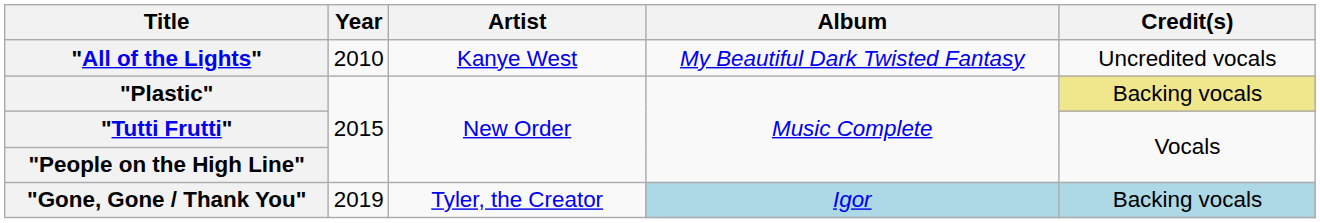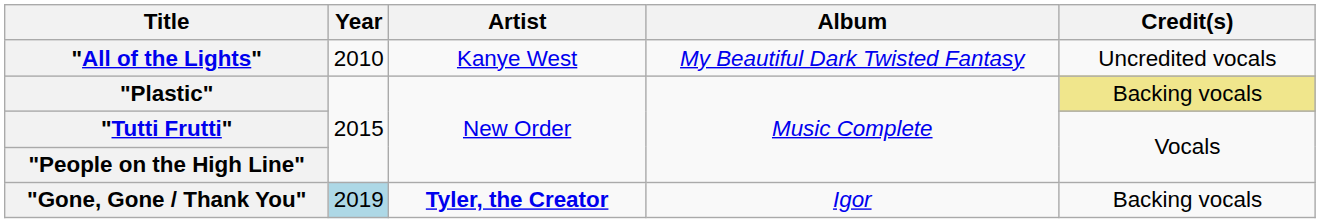 <table class="wikitable plainrowheaders" style="text-align:center;">
 <tr>
 <th scope="col" style="width:14em;">Title</th>
 <th scope="col" style="width:1em;">Year</th>
 <th scope="col" style="width:11em;">Artist</th>
 <th scope="col" style="width:18em;">Album</th>
 <th scope="col" style="width:11em;">Credit(s)</th>
 </tr>
 <tr>
 <th scope="row">"<a href='#'>All of the Lights</a>"</th>
 <td>2010</td>
 <td><a href='#'>Kanye West</a></td>
 <td><em><a href='#'>My Beautiful Dark Twisted Fantasy</a></em></td>
 <td>Uncredited vocals</td>
 </tr>
 <tr>
 <th scope="row">"Plastic"</th>
 <td rowspan="3">2015</td>
 <td rowspan="3"><a href='#'>New Order</a></td>
 <td rowspan="3"><em><a href='#'>Music Complete</a></em></td>
 <td style="background: khaki;">Backing vocals</td>
 </tr>
 <tr>
 <th scope="row">"<a href='#'>Tutti Frutti</a>"</th>
 <td rowspan="2">Vocals</td>
 </tr>
 <tr>
 <th scope="row">"People on the High Line"</th>
 </tr>
 <tr>
 <th scope="row">"Gone, Gone / Thank You"</th>
-<td>2019</td>
-<td><a href='#'>Tyler, the Creator</a></td>
-<td style="background: lightblue;"><em><a href='#'>Igor</a></em></td>
-<td style="background: lightblue;">Backing vocals</td>
+<td style="background: lightblue;">2019</td>
+<td><strong><a href='#'>Tyler, the Creator</a></strong></td>
+<td><em><a href='#'>Igor</a></em></td>
+<td>Backing vocals</td>
 </tr>
 </table>
